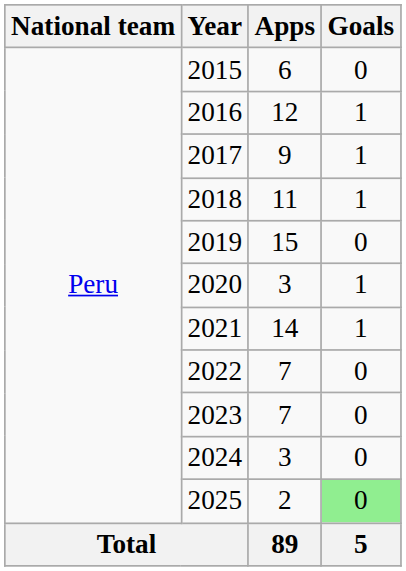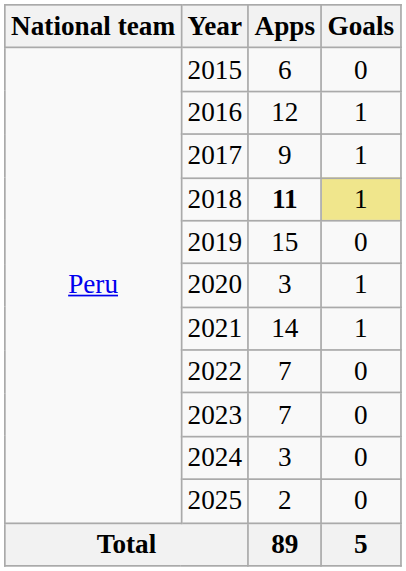 <table class="wikitable" style="text-align:center">
 <tr>
 <th>National team</th>
 <th>Year</th>
 <th>Apps</th>
 <th>Goals</th>
 </tr>
 <tr>
 <td rowspan="11"><a href='#'>Peru</a></td>
 <td>2015</td>
 <td>6</td>
 <td>0</td>
 </tr>
 <tr>
 <td>2016</td>
 <td>12</td>
 <td>1</td>
 </tr>
 <tr>
 <td>2017</td>
 <td>9</td>
 <td>1</td>
 </tr>
 <tr>
 <td>2018</td>
-<td>11</td>
-<td>1</td>
+<td><strong>11</strong></td>
+<td style="background: khaki;">1</td>
 </tr>
 <tr>
 <td>2019</td>
 <td>15</td>
 <td>0</td>
 </tr>
 <tr>
 <td>2020</td>
 <td>3</td>
 <td>1</td>
 </tr>
 <tr>
 <td>2021</td>
 <td>14</td>
 <td>1</td>
 </tr>
 <tr>
 <td>2022</td>
 <td>7</td>
 <td>0</td>
 </tr>
 <tr>
 <td>2023</td>
 <td>7</td>
 <td>0</td>
 </tr>
 <tr>
 <td>2024</td>
 <td>3</td>
 <td>0</td>
 </tr>
 <tr>
 <td>2025</td>
 <td>2</td>
-<td style="background: lightgreen;">0</td>
+<td>0</td>
 </tr>
 <tr>
 <th colspan="2">Total</th>
 <th>89</th>
 <th>5</th>
 </tr>
 </table>
